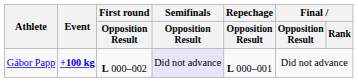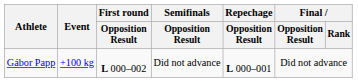 <table class="wikitable" style="font-size:90%">
 <tr>
 <th rowspan="2">Athlete</th>
 <th rowspan="2">Event</th>
 <th>First round</th>
 <th>Semifinals</th>
 <th>Repechage</th>
 <th colspan=2>Final / </th>
 </tr>
 <tr style="font-size:95%">
 <th>Opposition<br>Result</th>
 <th>Opposition<br>Result</th>
 <th>Opposition<br>Result</th>
 <th>Opposition<br>Result</th>
 <th>Rank</th>
 </tr>
 <tr align=center>
 <td align=left><a href='#'>Gábor Papp</a></td>
-<td align=left><strong><a href='#'>+100 kg</a></strong></td>
+<td align=left><a href='#'>+100 kg</a></td>
 <td><br><strong>L</strong> 000–002</td>
-<td style="background: lavender;">Did not advance</td>
+<td>Did not advance</td>
 <td><br><strong>L</strong> 000–001</td>
 <td colspan=2>Did not advance</td>
 </tr>
 </table>
